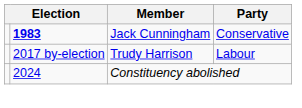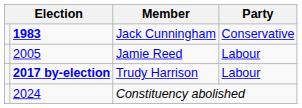 <table class="wikitable">
 <tr>
 <th colspan="2">Election</th>
 <th>Member</th>
 <th>Party</th>
 </tr>
 <tr>
 <td style="color:inherit;background-color: "></td>
 <td><strong><a href='#'>1983</a></strong></td>
 <td rowspan="1"><a href='#'>Jack Cunningham</a></td>
 <td><a href='#'>Conservative</a></td>
 </tr>
 <tr>
 <td style="color:inherit;background-color: "></td>
-<td><a href='#'>2017 by-election</a></td>
+<td><a href='#'>2005</a></td>
+<td rowspan="1"><a href='#'>Jamie Reed</a></td>
+<td rowspan="1"><a href='#'>Labour</a></td>
+</tr>
+<tr>
+<td style="color:inherit;background-color: "></td>
+<td><strong><a href='#'>2017 by-election</a></strong></td>
 <td><a href='#'>Trudy Harrison</a></td>
 <td rowspan="1"><a href='#'>Labour</a></td>
 </tr>
 <tr>
 <td></td>
 <td><a href='#'>2024</a></td>
 <td colspan="2"><em>Constituency abolished</em></td>
 </tr>
 </table>
